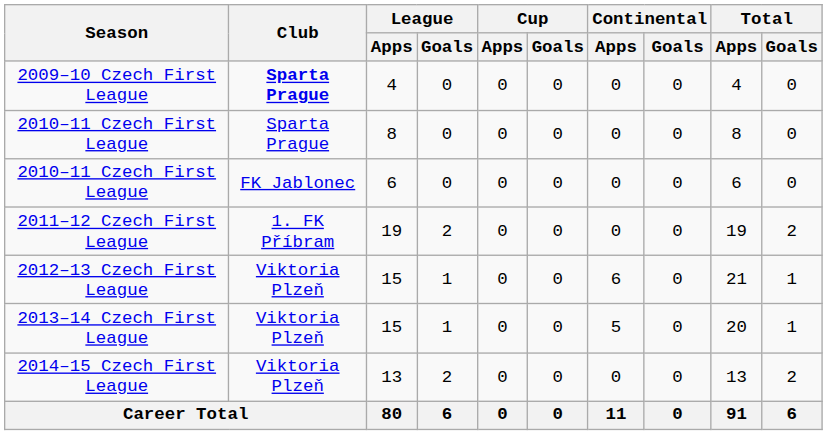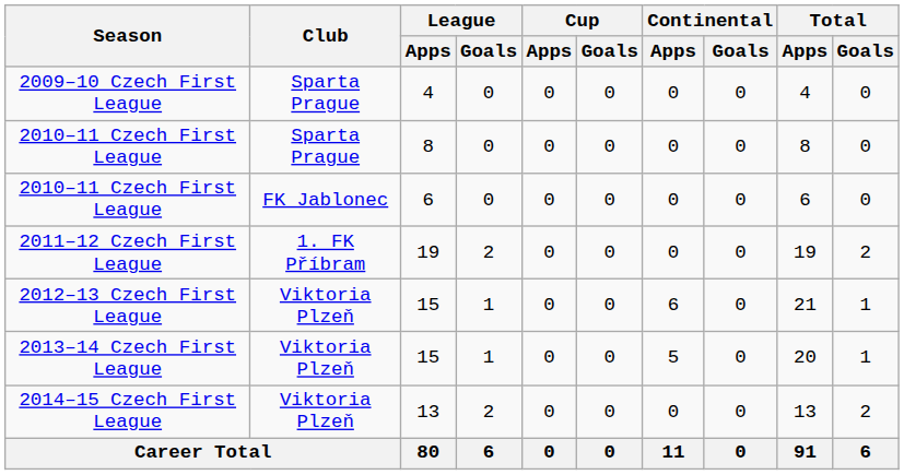 <table class="wikitable" style="text-align: center;">
 <tr>
 <th rowspan="2">Season</th>
 <th rowspan="2">Club</th>
 <th colspan="2">League</th>
 <th colspan="2">Cup</th>
 <th colspan="2">Continental</th>
 <th colspan="2">Total</th>
 </tr>
 <tr>
 <th>Apps</th>
 <th>Goals</th>
 <th>Apps</th>
 <th>Goals</th>
 <th>Apps</th>
 <th>Goals</th>
 <th>Apps</th>
 <th>Goals</th>
 </tr>
 <tr>
 <td><a href='#'>2009–10 Czech First League</a></td>
-<td><strong><a href='#'>Sparta Prague</a></strong></td>
+<td><a href='#'>Sparta Prague</a></td>
 <td>4</td>
 <td>0</td>
 <td>0</td>
 <td>0</td>
 <td>0</td>
 <td>0</td>
 <td>4</td>
 <td>0</td>
 </tr>
 <tr>
 <td><a href='#'>2010–11 Czech First League</a></td>
 <td><a href='#'>Sparta Prague</a></td>
 <td>8</td>
 <td>0</td>
 <td>0</td>
 <td>0</td>
 <td>0</td>
 <td>0</td>
 <td>8</td>
 <td>0</td>
 </tr>
 <tr>
 <td><a href='#'>2010–11 Czech First League</a></td>
 <td><a href='#'>FK Jablonec</a></td>
 <td>6</td>
 <td>0</td>
 <td>0</td>
 <td>0</td>
 <td>0</td>
 <td>0</td>
 <td>6</td>
 <td>0</td>
 </tr>
 <tr>
 <td><a href='#'>2011–12 Czech First League</a></td>
 <td><a href='#'>1. FK Příbram</a></td>
 <td>19</td>
 <td>2</td>
 <td>0</td>
 <td>0</td>
 <td>0</td>
 <td>0</td>
 <td>19</td>
 <td>2</td>
 </tr>
 <tr>
 <td><a href='#'>2012–13 Czech First League</a></td>
 <td><a href='#'>Viktoria Plzeň</a></td>
 <td>15</td>
 <td>1</td>
 <td>0</td>
 <td>0</td>
 <td>6</td>
 <td>0</td>
 <td>21</td>
 <td>1</td>
 </tr>
 <tr>
 <td><a href='#'>2013–14 Czech First League</a></td>
 <td><a href='#'>Viktoria Plzeň</a></td>
 <td>15</td>
 <td>1</td>
 <td>0</td>
 <td>0</td>
 <td>5</td>
 <td>0</td>
 <td>20</td>
 <td>1</td>
 </tr>
 <tr>
 <td><a href='#'>2014–15 Czech First League</a></td>
 <td><a href='#'>Viktoria Plzeň</a></td>
 <td>13</td>
 <td>2</td>
 <td>0</td>
 <td>0</td>
 <td>0</td>
 <td>0</td>
 <td>13</td>
 <td>2</td>
 </tr>
 <tr>
 <th colspan="2.5">Career Total</th>
 <th>80</th>
 <th>6</th>
 <th>0</th>
 <th>0</th>
 <th>11</th>
 <th>0</th>
 <th>91</th>
 <th>6</th>
 </tr>
 </table>
